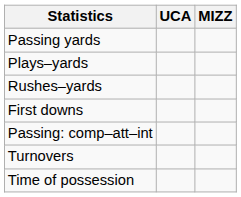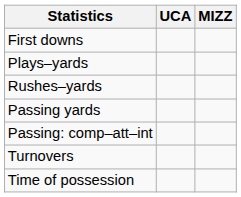 <table class="wikitable" style="float:left">
 <tr>
 <th>Statistics</th>
 <th>UCA</th>
 <th>MIZZ</th>
 </tr>
 <tr>
-<td>Passing yards</td>
+<td>First downs</td>
 <td></td>
 <td></td>
 </tr>
 <tr>
 <td>Plays–yards</td>
 <td></td>
 <td></td>
 </tr>
 <tr>
 <td>Rushes–yards</td>
 <td></td>
 <td></td>
 </tr>
 <tr>
-<td>First downs</td>
+<td>Passing yards</td>
 <td></td>
 <td></td>
 </tr>
 <tr>
 <td>Passing: comp–att–int</td>
 <td></td>
 <td></td>
 </tr>
 <tr>
 <td>Turnovers</td>
 <td></td>
 <td></td>
 </tr>
 <tr>
 <td>Time of possession</td>
 <td></td>
 <td></td>
 </tr>
 </table>
